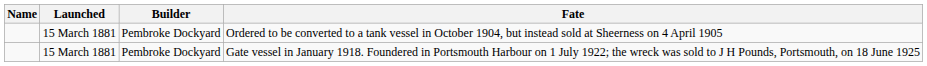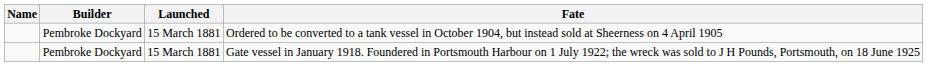 <table class="wikitable" style="text-align:left">
 <tr>
 <th>Name</th>
+<th>Builder</th>
 <th>Launched</th>
-<th>Builder</th>
 <th>Fate</th>
 </tr>
 <tr>
 <td></td>
+<td>Pembroke Dockyard</td>
 <td>15 March 1881</td>
-<td>Pembroke Dockyard</td>
 <td>Ordered to be converted to a tank vessel in October 1904, but instead sold at Sheerness on 4 April 1905</td>
 </tr>
 <tr>
 <td></td>
+<td>Pembroke Dockyard</td>
 <td>15 March 1881</td>
-<td>Pembroke Dockyard</td>
 <td>Gate vessel in January 1918. Foundered in Portsmouth Harbour on 1 July 1922; the wreck was sold to J H Pounds, Portsmouth, on 18 June 1925</td>
 </tr>
 </table>
